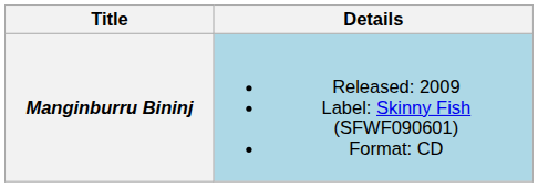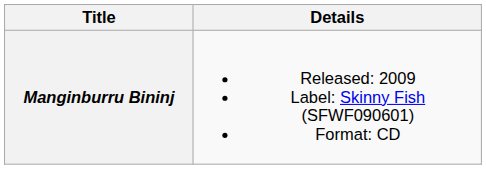 <table class="wikitable plainrowheaders" style="text-align:center;" border="1">
 <tr>
 <th scope="col" style="width:11em;">Title</th>
 <th scope="col" style="width:17em;">Details</th>
 </tr>
 <tr>
 <th scope="row"><em>Manginburru Bininj</em></th>
-<td style="background: lightblue;"><br><ul><li>Released: 2009</li><li>Label: <a href='#'>Skinny Fish</a> (SFWF090601)</li><li>Format: CD</li></ul></td>
+<td><br><ul><li>Released: 2009</li><li>Label: <a href='#'>Skinny Fish</a> (SFWF090601)</li><li>Format: CD</li></ul></td>
 </tr>
 </table>
